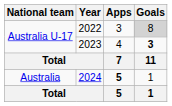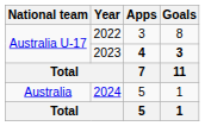 <table class="wikitable" style="text-align:center">
 <tr>
 <th>National team</th>
 <th>Year</th>
 <th>Apps</th>
 <th>Goals</th>
 </tr>
 <tr>
 <td rowspan="2"><a href='#'>Australia U-17</a></td>
 <td>2022</td>
 <td>3</td>
-<td style="background: lightgrey;">8</td>
+<td>8</td>
 </tr>
 <tr>
 <td>2023</td>
-<td>4</td>
+<td><strong>4</strong></td>
 <td><strong>3</strong></td>
 </tr>
 <tr>
 <th colspan="2">Total</th>
 <th>7</th>
 <th>11</th>
 </tr>
 <tr>
 <td><a href='#'>Australia</a></td>
 <td><a href='#'>2024</a></td>
-<td><strong>5</strong></td>
+<td>5</td>
 <td>1</td>
 </tr>
 <tr>
 <th colspan="2">Total</th>
 <th>5</th>
 <th>1</th>
 </tr>
 </table>
